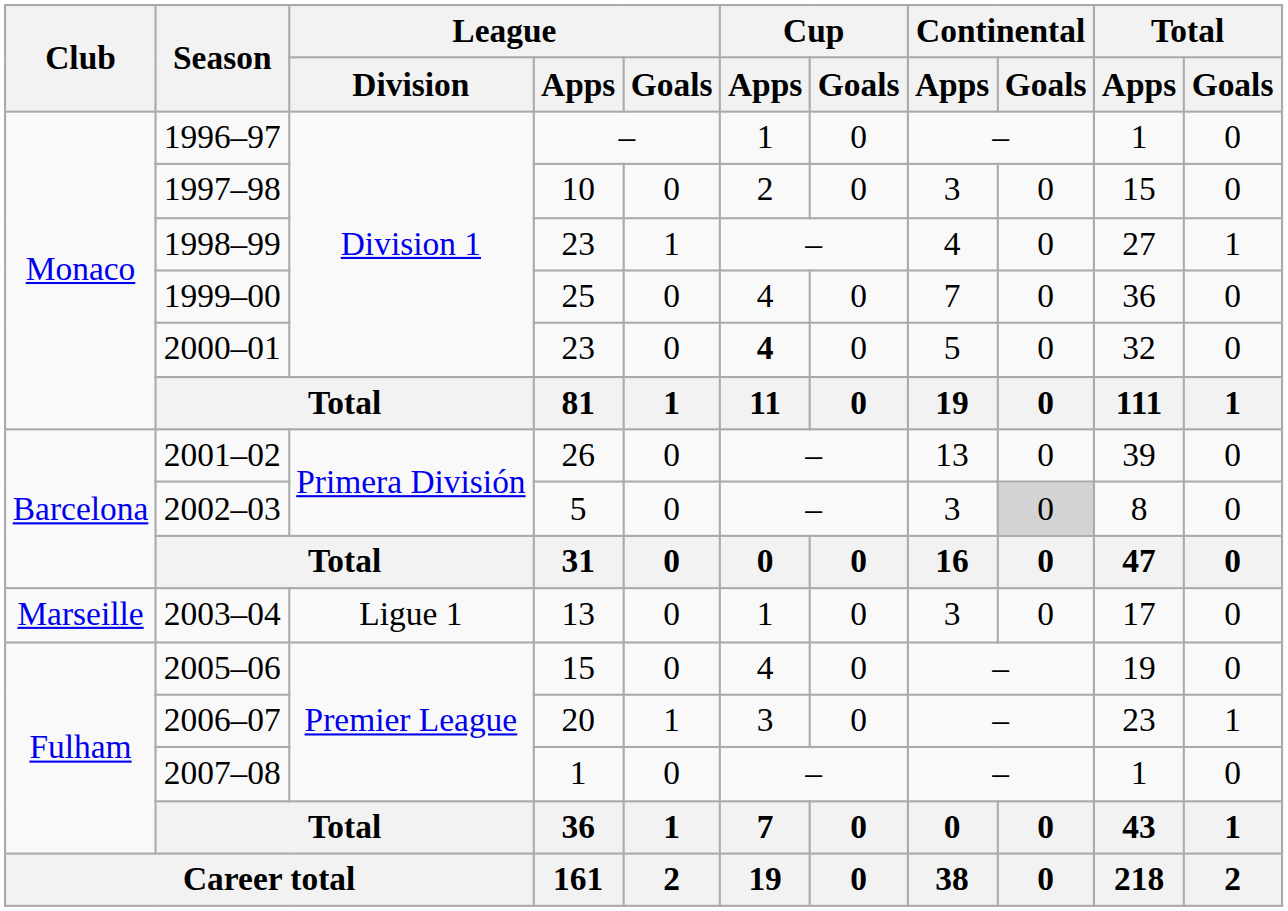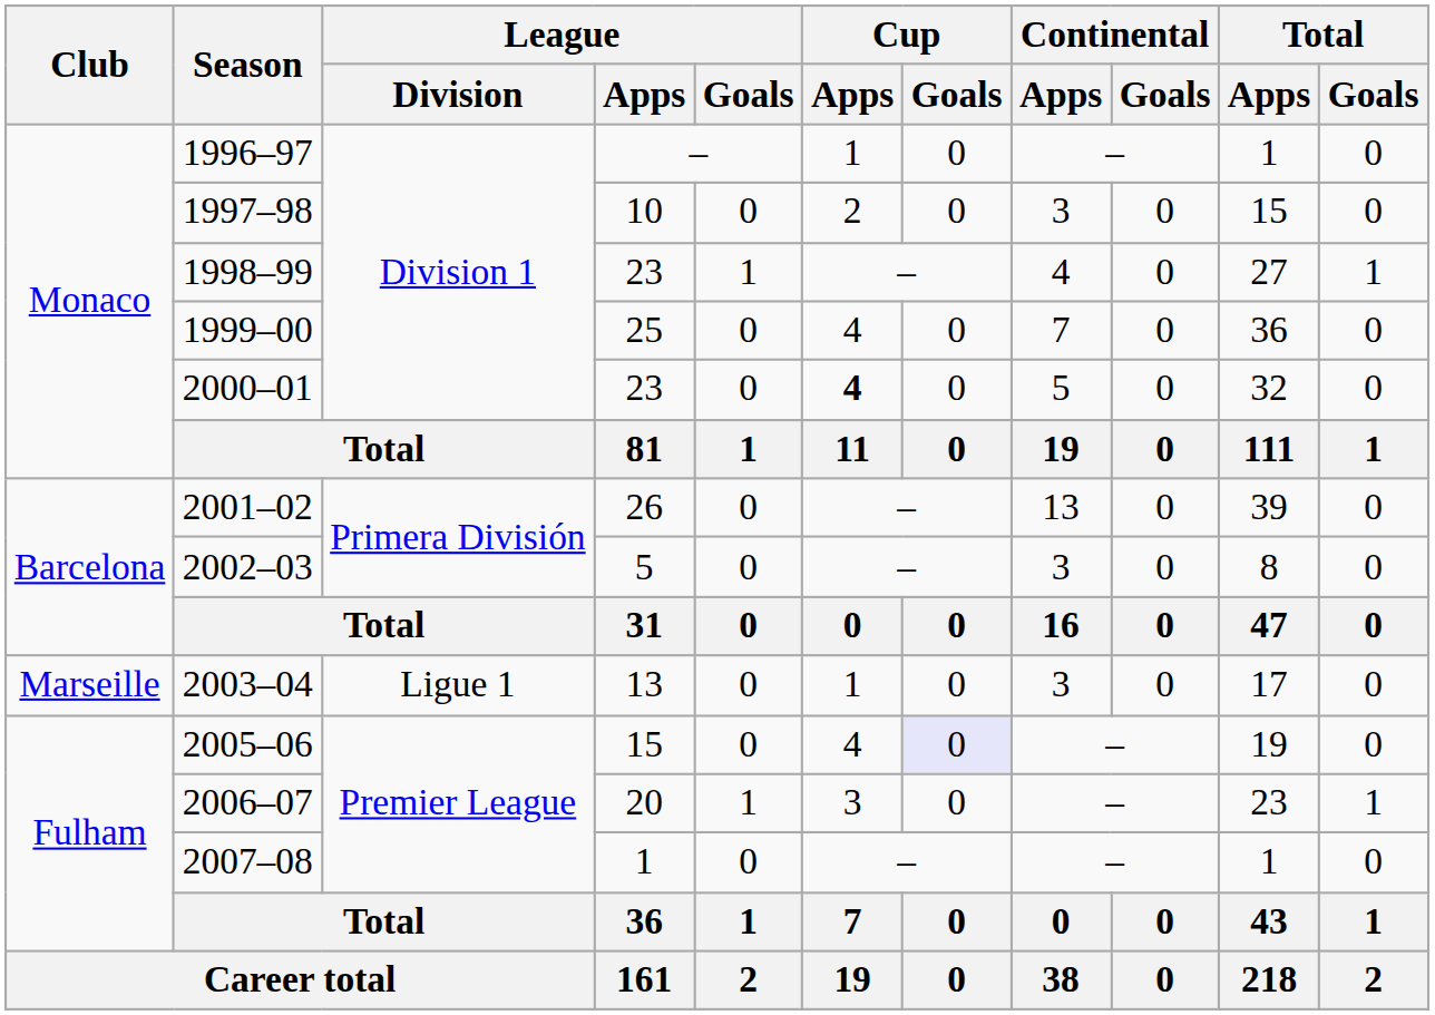 <table class="wikitable" style="text-align: center;">
 <tr>
 <th rowspan="2">Club</th>
 <th rowspan="2">Season</th>
 <th colspan="3">League</th>
 <th colspan="2">Cup</th>
 <th colspan="2">Continental</th>
 <th colspan="2">Total</th>
 </tr>
 <tr>
 <th>Division</th>
 <th>Apps</th>
 <th>Goals</th>
 <th>Apps</th>
 <th>Goals</th>
 <th>Apps</th>
 <th>Goals</th>
 <th>Apps</th>
 <th>Goals</th>
 </tr>
 <tr>
 <td rowspan="6"><a href='#'>Monaco</a></td>
 <td>1996–97</td>
 <td rowspan="5"><a href='#'>Division 1</a></td>
 <td colspan="2">–</td>
 <td>1</td>
 <td>0</td>
 <td colspan="2">–</td>
 <td>1</td>
 <td>0</td>
 </tr>
 <tr>
 <td>1997–98</td>
 <td>10</td>
 <td>0</td>
 <td>2</td>
 <td>0</td>
 <td>3</td>
 <td>0</td>
 <td>15</td>
 <td>0</td>
 </tr>
 <tr>
 <td>1998–99</td>
 <td>23</td>
 <td>1</td>
 <td colspan="2">–</td>
 <td>4</td>
 <td>0</td>
 <td>27</td>
 <td>1</td>
 </tr>
 <tr>
 <td>1999–00</td>
 <td>25</td>
 <td>0</td>
 <td>4</td>
 <td>0</td>
 <td>7</td>
 <td>0</td>
 <td>36</td>
 <td>0</td>
 </tr>
 <tr>
 <td>2000–01</td>
 <td>23</td>
 <td>0</td>
 <td><strong>4</strong></td>
 <td>0</td>
 <td>5</td>
 <td>0</td>
 <td>32</td>
 <td>0</td>
 </tr>
 <tr>
 <th colspan="2">Total</th>
 <th>81</th>
 <th>1</th>
 <th>11</th>
 <th>0</th>
 <th>19</th>
 <th>0</th>
 <th>111</th>
 <th>1</th>
 </tr>
 <tr>
 <td rowspan="3"><a href='#'>Barcelona</a></td>
 <td>2001–02</td>
 <td rowspan="2"><a href='#'>Primera División</a></td>
 <td>26</td>
 <td>0</td>
 <td colspan="2">–</td>
 <td>13</td>
 <td>0</td>
 <td>39</td>
 <td>0</td>
 </tr>
 <tr>
 <td>2002–03</td>
 <td>5</td>
 <td>0</td>
 <td colspan="2">–</td>
 <td>3</td>
-<td style="background: lightgrey;">0</td>
+<td>0</td>
 <td>8</td>
 <td>0</td>
 </tr>
 <tr>
 <th colspan="2">Total</th>
 <th>31</th>
 <th>0</th>
 <th>0</th>
 <th>0</th>
 <th>16</th>
 <th>0</th>
 <th>47</th>
 <th>0</th>
 </tr>
 <tr>
 <td><a href='#'>Marseille</a></td>
 <td>2003–04</td>
 <td>Ligue 1</td>
 <td>13</td>
 <td>0</td>
 <td>1</td>
 <td>0</td>
 <td>3</td>
 <td>0</td>
 <td>17</td>
 <td>0</td>
 </tr>
 <tr>
 <td rowspan="4"><a href='#'>Fulham</a></td>
 <td>2005–06</td>
 <td rowspan="3"><a href='#'>Premier League</a></td>
 <td>15</td>
 <td>0</td>
 <td>4</td>
-<td>0</td>
+<td style="background: lavender;">0</td>
 <td colspan="2">–</td>
 <td>19</td>
 <td>0</td>
 </tr>
 <tr>
 <td>2006–07</td>
 <td>20</td>
 <td>1</td>
 <td>3</td>
 <td>0</td>
 <td colspan="2">–</td>
 <td>23</td>
 <td>1</td>
 </tr>
 <tr>
 <td>2007–08</td>
 <td>1</td>
 <td>0</td>
 <td colspan="2">–</td>
 <td colspan="2">–</td>
 <td>1</td>
 <td>0</td>
 </tr>
 <tr>
 <th colspan="2">Total</th>
 <th>36</th>
 <th>1</th>
 <th>7</th>
 <th>0</th>
 <th>0</th>
 <th>0</th>
 <th>43</th>
 <th>1</th>
 </tr>
 <tr>
 <th colspan="3">Career total</th>
 <th>161</th>
 <th>2</th>
 <th>19</th>
 <th>0</th>
 <th>38</th>
 <th>0</th>
 <th>218</th>
 <th>2</th>
 </tr>
 </table>
